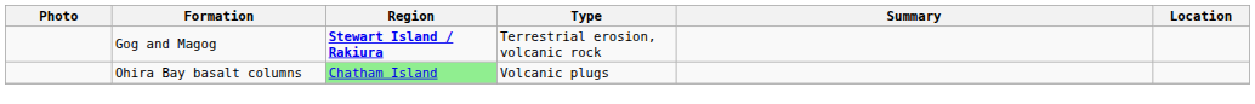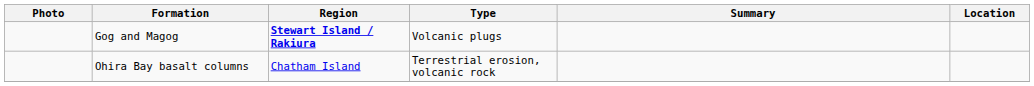 <table class="wikitable sortable">
 <tr>
 <th scope="col" style="width: 120px;">Photo</th>
 <th scope="col" style="width: 250px;">Formation</th>
 <th scope="col" style="width: 200px;">Region</th>
 <th scope="col" style="width: 200px;">Type</th>
 <th scope="col" style="width: 600px;">Summary</th>
 <th scope="col" style="width: 100px;">Location</th>
 </tr>
 <tr>
 <td></td>
 <td>Gog and Magog</td>
 <td><strong><a href='#'>Stewart Island / Rakiura</a></strong></td>
-<td>Terrestrial erosion, volcanic rock</td>
+<td>Volcanic plugs</td>
 <td></td>
 <td></td>
 </tr>
 <tr>
 <td></td>
 <td>Ohira Bay basalt columns</td>
-<td style="background: lightgreen;"><a href='#'>Chatham Island</a></td>
-<td>Volcanic plugs</td>
+<td><a href='#'>Chatham Island</a></td>
+<td>Terrestrial erosion, volcanic rock</td>
 <td></td>
 <td></td>
 </tr>
 <tr>
 </tr>
 </table>
